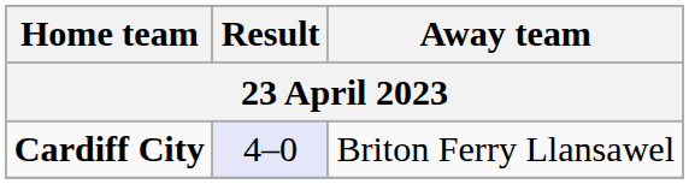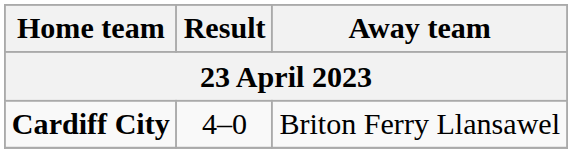 <table class="wikitable">
 <tr>
 <th>Home team</th>
 <th>Result</th>
 <th>Away team</th>
 </tr>
 <tr>
 <th colspan = 3>23 April 2023</th>
 </tr>
 <tr>
 <td style="text-align:right;"><strong>Cardiff City</strong></td>
-<td style="background: lavender; text-align:center;">4–0</td>
+<td style="text-align:center;">4–0</td>
 <td>Briton Ferry Llansawel</td>
 </tr>
 <tr>
 </tr>
 </table>
